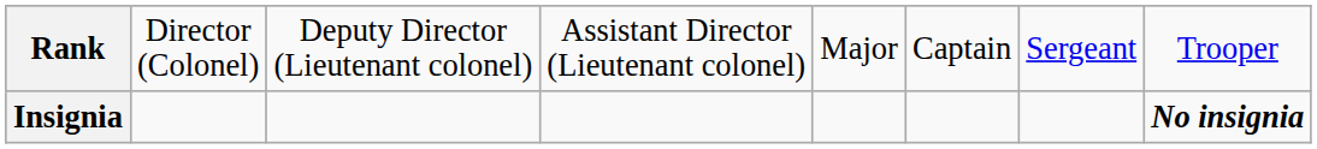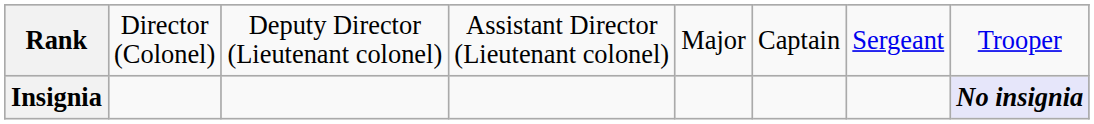 <table class="wikitable">
 <tr style="text-align:center;">
 <th>Rank</th>
 <td>Director<br>(Colonel)</td>
 <td>Deputy Director<br>(Lieutenant colonel)</td>
 <td>Assistant Director<br>(Lieutenant colonel)</td>
 <td>Major</td>
 <td>Captain</td>
 <td><a href='#'>Sergeant</a></td>
 <td><a href='#'>Trooper</a></td>
 </tr>
 <tr style="text-align:center;">
 <th>Insignia</th>
 <td></td>
 <td></td>
 <td></td>
 <td></td>
 <td></td>
 <td></td>
-<td><strong><em>No insignia</em></strong></td>
+<td style="background: lavender;"><strong><em>No insignia</em></strong></td>
 </tr>
 </table>
